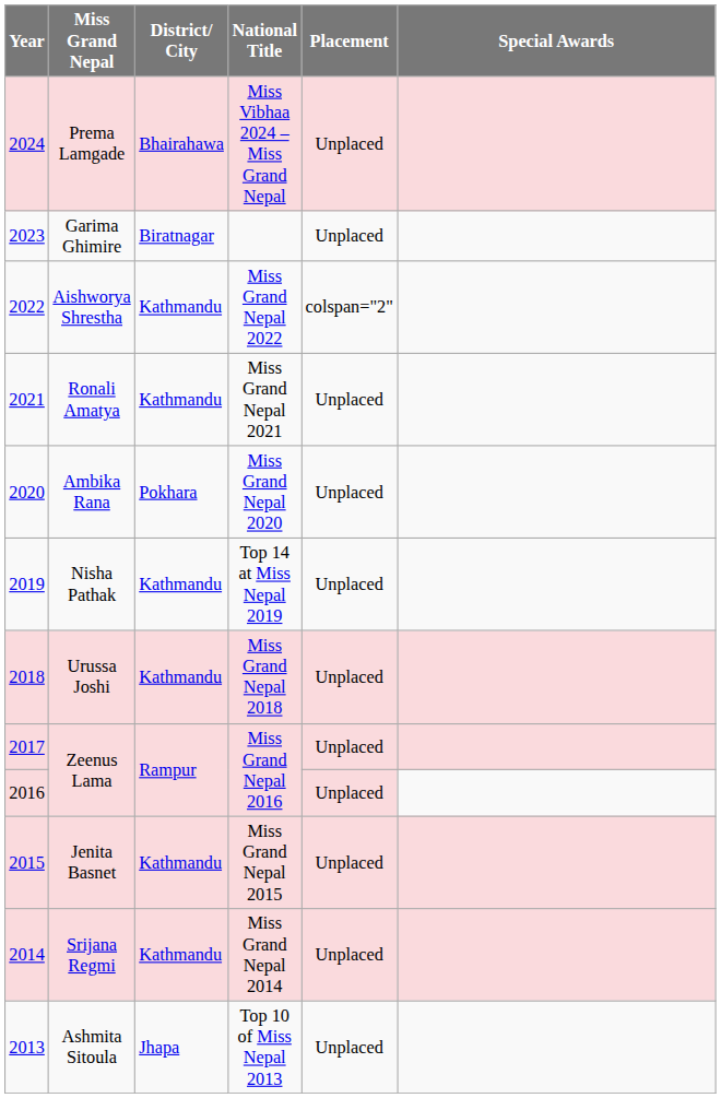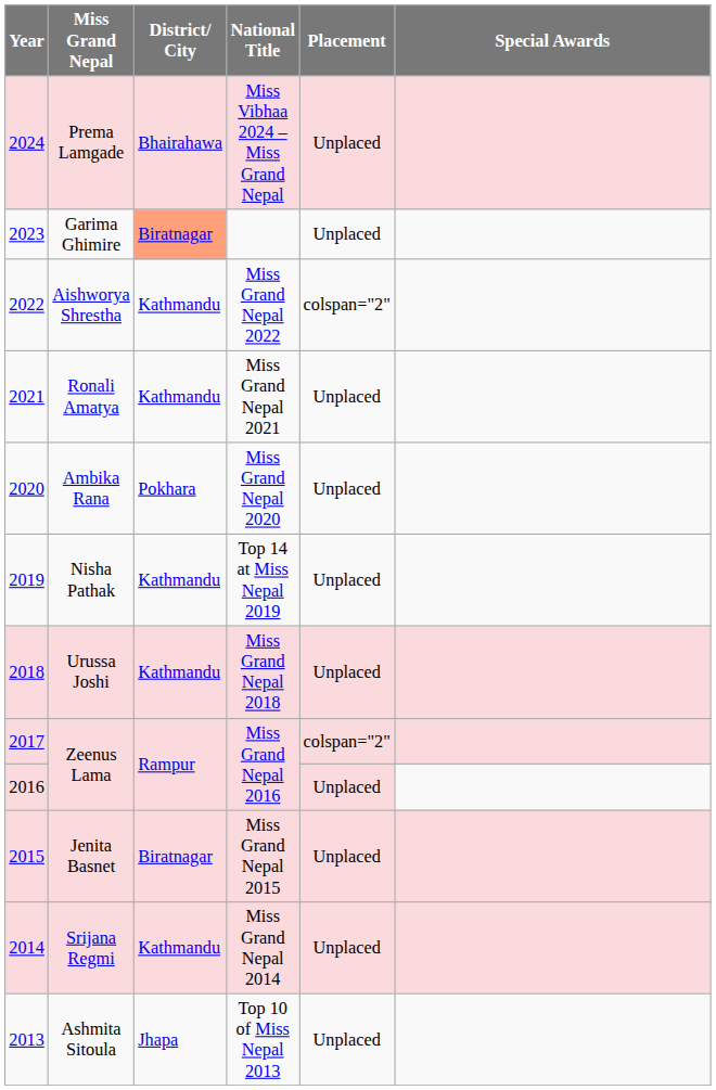 <table class="wikitable" style="font-size: 95%; text-align:center">
 <tr>
 <th style="background-color:#787878;color:#FFFFFF;">Year</th>
 <th style="background-color:#787878;color:#FFFFFF;">Miss Grand Nepal</th>
 <th style="background-color:#787878;color:#FFFFFF;">District/ City</th>
 <th style="background-color:#787878;color:#FFFFFF;">National Title</th>
 <th style="background-color:#787878;color:#FFFFFF;">Placement</th>
 <th width="290" style="background-color:#787878;color:#FFFFFF;">Special Awards</th>
 </tr>
 <tr style="background-color:#FADADD; ">
 <td><a href='#'>2024</a></td>
 <td>Prema Lamgade</td>
 <td align=left><a href='#'>Bhairahawa</a></td>
 <td><a href='#'>Miss Vibhaa 2024 – Miss Grand Nepal</a></td>
 <td>Unplaced</td>
 <td style="background:;"></td>
 </tr>
 <tr>
 <td><a href='#'>2023</a></td>
 <td>Garima Ghimire</td>
-<td align=left><a href='#'>Biratnagar</a></td>
+<td align=left style="background: lightsalmon;"><a href='#'>Biratnagar</a></td>
 <td></td>
 <td>Unplaced</td>
 <td></td>
 </tr>
 <tr>
 <td><a href='#'>2022</a></td>
 <td><a href='#'>Aishworya Shrestha</a></td>
 <td align=left><a href='#'>Kathmandu</a></td>
 <td><a href='#'>Miss Grand Nepal 2022</a></td>
 <td>colspan="2" </td>
 <td></td>
 </tr>
 <tr>
 <td><a href='#'>2021</a></td>
 <td><a href='#'>Ronali Amatya</a></td>
 <td align=left><a href='#'>Kathmandu</a></td>
 <td>Miss Grand Nepal 2021</td>
 <td>Unplaced</td>
 <td></td>
 </tr>
 <tr>
 <td><a href='#'>2020</a></td>
 <td><a href='#'>Ambika Rana</a></td>
 <td align=left><a href='#'>Pokhara</a></td>
 <td><a href='#'>Miss Grand Nepal 2020</a></td>
 <td>Unplaced</td>
 <td></td>
 </tr>
 <tr>
 <td><a href='#'>2019</a></td>
 <td>Nisha Pathak</td>
 <td align=left><a href='#'>Kathmandu</a></td>
 <td>Top 14 at <a href='#'>Miss Nepal 2019</a></td>
 <td>Unplaced</td>
 <td></td>
 </tr>
 <tr style="background-color:#FADADD; ">
 <td><a href='#'>2018</a></td>
 <td>Urussa Joshi</td>
 <td align=left><a href='#'>Kathmandu</a></td>
 <td><a href='#'>Miss Grand Nepal 2018</a></td>
 <td>Unplaced</td>
 <td style="background:;"></td>
 </tr>
 <tr style="background-color:#FADADD; ">
 <td><a href='#'>2017</a></td>
 <td rowspan="2">Zeenus Lama</td>
 <td rowspan="2" align=left><a href='#'>Rampur</a></td>
 <td rowspan="2"><a href='#'>Miss Grand Nepal 2016</a></td>
-<td>Unplaced</td>
+<td>colspan="2" </td>
 <td style="background:;"></td>
 </tr>
 <tr style="background-color:#FADADD; ">
 <td>2016</td>
 <td>Unplaced</td>
 </tr>
 <tr style="background-color:#FADADD; ">
 <td><a href='#'>2015</a></td>
 <td>Jenita Basnet</td>
-<td align=left><a href='#'>Kathmandu</a></td>
+<td align=left><a href='#'>Biratnagar</a></td>
 <td>Miss Grand Nepal 2015</td>
 <td>Unplaced</td>
 <td style="background:;"></td>
 </tr>
 <tr style="background-color:#FADADD; ">
 <td><a href='#'>2014</a></td>
 <td><a href='#'>Srijana Regmi</a></td>
 <td align=left><a href='#'>Kathmandu</a></td>
 <td>Miss Grand Nepal 2014</td>
 <td>Unplaced</td>
 <td style="background:;"></td>
 </tr>
 <tr>
 <td><a href='#'>2013</a></td>
 <td>Ashmita Sitoula</td>
 <td align=left><a href='#'>Jhapa</a></td>
 <td>Top 10 of <a href='#'>Miss Nepal 2013</a></td>
 <td>Unplaced</td>
 <td></td>
 </tr>
 </table>
